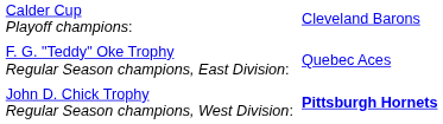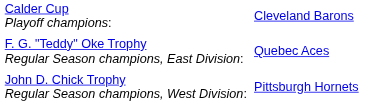 <table cellpadding="3" cellspacing="3">
 <tr>
 <td><a href='#'>Calder Cup</a><br><em>Playoff champions</em>:</td>
 <td><a href='#'>Cleveland Barons</a></td>
 </tr>
 <tr>
 <td><a href='#'>F. G. "Teddy" Oke Trophy</a><br><em>Regular Season champions, East Division</em>:</td>
 <td><a href='#'>Quebec Aces</a></td>
 </tr>
 <tr>
 <td><a href='#'>John D. Chick Trophy</a><br><em>Regular Season champions, West Division</em>:</td>
-<td><strong><a href='#'>Pittsburgh Hornets</a></strong></td>
+<td><a href='#'>Pittsburgh Hornets</a></td>
 </tr>
 </table>
